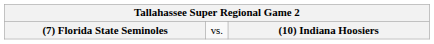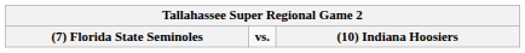 <table class="wikitable">
 <tr>
 <th style="width: 604px;" colspan=3>Tallahassee Super Regional Game 2</th>
 </tr>
 <tr>
 <th style="width: 289px; ">(7) Florida State Seminoles</th>
-<td style="width: 25px; text-align:center">vs.</td>
+<td style="width: 25px; text-align:center"><strong>vs.</strong></td>
 <th style="width: 289px; ">(10) Indiana Hoosiers</th>
 </tr>
 </table>
